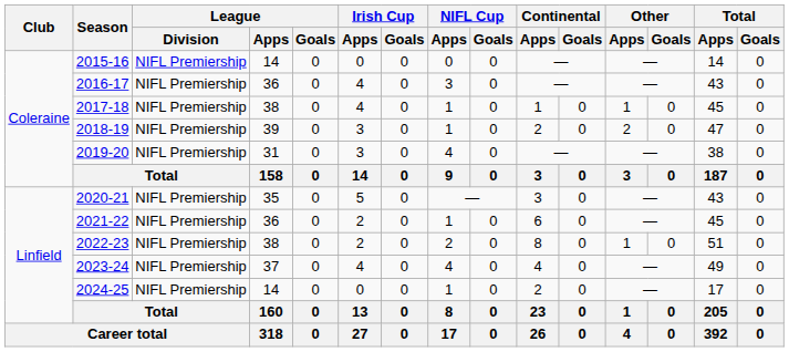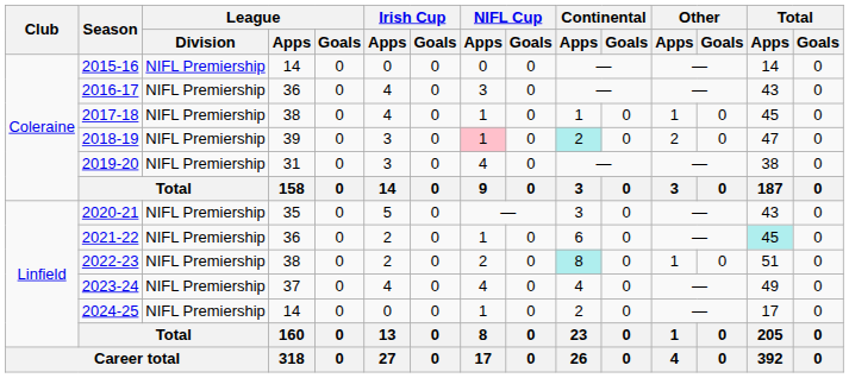 <table class="wikitable" style="text-align:center">
 <tr>
 <th rowspan="2">Club</th>
 <th rowspan="2">Season</th>
 <th colspan="3">League</th>
 <th colspan="2"><a href='#'>Irish Cup</a></th>
 <th colspan="2"><a href='#'>NIFL Cup</a></th>
 <th colspan="2">Continental</th>
 <th colspan="2">Other</th>
 <th colspan="2">Total</th>
 </tr>
 <tr>
 <th>Division</th>
 <th>Apps</th>
 <th>Goals</th>
 <th>Apps</th>
 <th>Goals</th>
 <th>Apps</th>
 <th>Goals</th>
 <th>Apps</th>
 <th>Goals</th>
 <th>Apps</th>
 <th>Goals</th>
 <th>Apps</th>
 <th>Goals</th>
 </tr>
 <tr>
 <td rowspan="6"><a href='#'>Coleraine</a></td>
 <td><a href='#'>2015-16</a></td>
 <td><a href='#'>NIFL Premiership</a></td>
 <td>14</td>
 <td>0</td>
 <td>0</td>
 <td>0</td>
 <td>0</td>
 <td>0</td>
 <td colspan="2">—</td>
 <td colspan="2">—</td>
 <td>14</td>
 <td>0</td>
 </tr>
 <tr>
 <td><a href='#'>2016-17</a></td>
 <td>NIFL Premiership</td>
 <td>36</td>
 <td>0</td>
 <td>4</td>
 <td>0</td>
 <td>3</td>
 <td>0</td>
 <td colspan="2">—</td>
 <td colspan="2">—</td>
 <td>43</td>
 <td>0</td>
 </tr>
 <tr>
 <td><a href='#'>2017-18</a></td>
 <td>NIFL Premiership</td>
 <td>38</td>
 <td>0</td>
 <td>4</td>
 <td>0</td>
 <td>1</td>
 <td>0</td>
 <td>1</td>
 <td>0</td>
 <td>1</td>
 <td>0</td>
 <td>45</td>
 <td>0</td>
 </tr>
 <tr>
 <td><a href='#'>2018-19</a></td>
 <td>NIFL Premiership</td>
 <td>39</td>
 <td>0</td>
 <td>3</td>
 <td>0</td>
-<td>1</td>
+<td style="background: pink;">1</td>
 <td>0</td>
-<td>2</td>
+<td style="background: paleturquoise;">2</td>
 <td>0</td>
 <td>2</td>
 <td>0</td>
 <td>47</td>
 <td>0</td>
 </tr>
 <tr>
 <td><a href='#'>2019-20</a></td>
 <td>NIFL Premiership</td>
 <td>31</td>
 <td>0</td>
 <td>3</td>
 <td>0</td>
 <td>4</td>
 <td>0</td>
 <td colspan="2">—</td>
 <td colspan="2">—</td>
 <td>38</td>
 <td>0</td>
 </tr>
 <tr>
 <th colspan="2">Total</th>
 <th>158</th>
 <th>0</th>
 <th>14</th>
 <th>0</th>
 <th>9</th>
 <th>0</th>
 <th>3</th>
 <th>0</th>
 <th>3</th>
 <th>0</th>
 <th>187</th>
 <th>0</th>
 </tr>
 <tr>
 <td rowspan="6"><a href='#'>Linfield</a></td>
 <td><a href='#'>2020-21</a></td>
 <td>NIFL Premiership</td>
 <td>35</td>
 <td>0</td>
 <td>5</td>
 <td>0</td>
 <td colspan="2">—</td>
 <td>3</td>
 <td>0</td>
 <td colspan="2">—</td>
 <td>43</td>
 <td>0</td>
 </tr>
 <tr>
 <td><a href='#'>2021-22</a></td>
 <td>NIFL Premiership</td>
 <td>36</td>
 <td>0</td>
 <td>2</td>
 <td>0</td>
 <td>1</td>
 <td>0</td>
 <td>6</td>
 <td>0</td>
 <td colspan="2">—</td>
-<td>45</td>
+<td style="background: paleturquoise;">45</td>
 <td>0</td>
 </tr>
 <tr>
 <td><a href='#'>2022-23</a></td>
 <td>NIFL Premiership</td>
 <td>38</td>
 <td>0</td>
 <td>2</td>
 <td>0</td>
 <td>2</td>
 <td>0</td>
-<td>8</td>
+<td style="background: paleturquoise;">8</td>
 <td>0</td>
 <td>1</td>
 <td>0</td>
 <td>51</td>
 <td>0</td>
 </tr>
 <tr>
 <td><a href='#'>2023-24</a></td>
 <td>NIFL Premiership</td>
 <td>37</td>
 <td>0</td>
 <td>4</td>
 <td>0</td>
 <td>4</td>
 <td>0</td>
 <td>4</td>
 <td>0</td>
 <td colspan="2">—</td>
 <td>49</td>
 <td>0</td>
 </tr>
 <tr>
 <td><a href='#'>2024-25</a></td>
 <td>NIFL Premiership</td>
 <td>14</td>
 <td>0</td>
 <td>0</td>
 <td>0</td>
 <td>1</td>
 <td>0</td>
 <td>2</td>
 <td>0</td>
 <td colspan="2">—</td>
 <td>17</td>
 <td>0</td>
 </tr>
 <tr>
 <th colspan="2">Total</th>
 <th>160</th>
 <th>0</th>
 <th>13</th>
 <th>0</th>
 <th>8</th>
 <th>0</th>
 <th>23</th>
 <th>0</th>
 <th>1</th>
 <th>0</th>
 <th>205</th>
 <th>0</th>
 </tr>
 <tr>
 <th colspan="3">Career total</th>
 <th>318</th>
 <th>0</th>
 <th>27</th>
 <th>0</th>
 <th>17</th>
 <th>0</th>
 <th>26</th>
 <th>0</th>
 <th>4</th>
 <th>0</th>
 <th>392</th>
 <th>0</th>
 </tr>
 </table>
